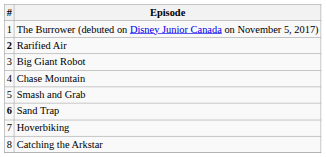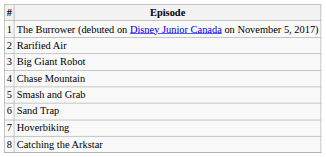 <table class="wikitable sortable">
 <tr>
 <th>#</th>
 <th>Episode</th>
 </tr>
 <tr>
 <td>1</td>
 <td>The Burrower (debuted on <a href='#'>Disney Junior Canada</a> on November 5, 2017)</td>
 </tr>
 <tr>
-<td><strong>2</strong></td>
+<td>2</td>
 <td>Rarified Air</td>
 </tr>
 <tr>
 <td>3</td>
 <td>Big Giant Robot</td>
 </tr>
 <tr>
 <td>4</td>
 <td>Chase Mountain</td>
 </tr>
 <tr>
 <td>5</td>
 <td>Smash and Grab</td>
 </tr>
 <tr>
-<td><strong>6</strong></td>
+<td>6</td>
 <td>Sand Trap</td>
 </tr>
 <tr>
 <td>7</td>
 <td>Hoverbiking</td>
 </tr>
 <tr>
 <td>8</td>
 <td>Catching the Arkstar</td>
 </tr>
 <tr>
 </tr>
 </table>
